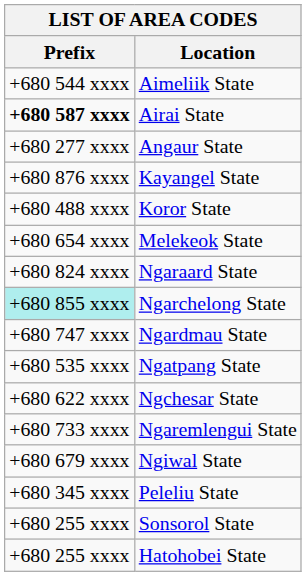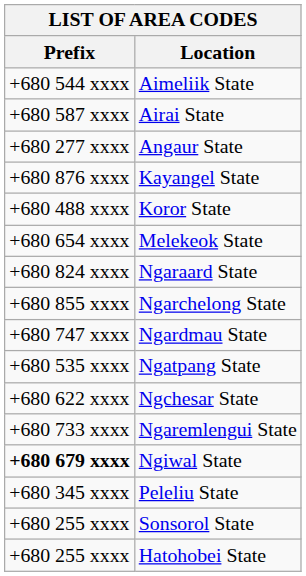 <table class="wikitable" border=1>
 <tr>
 <th colspan="3">LIST OF AREA CODES</th>
 </tr>
 <tr>
 <th>Prefix</th>
 <th>Location</th>
 </tr>
 <tr>
 <td>+680 544 xxxx</td>
 <td><a href='#'>Aimeliik</a> State</td>
 </tr>
 <tr>
-<td><strong>+680 587 xxxx</strong></td>
+<td>+680 587 xxxx</td>
 <td><a href='#'>Airai</a> State</td>
 </tr>
 <tr>
 <td>+680 277 xxxx</td>
 <td><a href='#'>Angaur</a> State</td>
 </tr>
 <tr>
 <td>+680 876 xxxx</td>
 <td><a href='#'>Kayangel</a> State</td>
 </tr>
 <tr>
 <td>+680 488 xxxx</td>
 <td><a href='#'>Koror</a> State</td>
 </tr>
 <tr>
 <td>+680 654 xxxx</td>
 <td><a href='#'>Melekeok</a> State</td>
 </tr>
 <tr>
 <td>+680 824 xxxx</td>
 <td><a href='#'>Ngaraard</a> State</td>
 </tr>
 <tr>
-<td style="background: paleturquoise;">+680 855 xxxx</td>
+<td>+680 855 xxxx</td>
 <td><a href='#'>Ngarchelong</a> State</td>
 </tr>
 <tr>
 <td>+680 747 xxxx</td>
 <td><a href='#'>Ngardmau</a> State</td>
 </tr>
 <tr>
 <td>+680 535 xxxx</td>
 <td><a href='#'>Ngatpang</a> State</td>
 </tr>
 <tr>
 <td>+680 622 xxxx</td>
 <td><a href='#'>Ngchesar</a> State</td>
 </tr>
 <tr>
 <td>+680 733 xxxx</td>
 <td><a href='#'>Ngaremlengui</a> State</td>
 </tr>
 <tr>
-<td>+680 679 xxxx</td>
+<td><strong>+680 679 xxxx</strong></td>
 <td><a href='#'>Ngiwal</a> State</td>
 </tr>
 <tr>
 <td>+680 345 xxxx</td>
 <td><a href='#'>Peleliu</a> State</td>
 </tr>
 <tr>
 <td>+680 255 xxxx</td>
 <td><a href='#'>Sonsorol</a> State</td>
 </tr>
 <tr>
 <td>+680 255 xxxx</td>
 <td><a href='#'>Hatohobei</a> State</td>
 </tr>
 </table>
